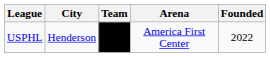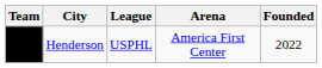 <table class="wikitable sortable" width="60%">
 <tr>
+<th>Team</th>
+<th>City</th>
 <th>League</th>
-<th>City</th>
-<th>Team</th>
 <th>Arena</th>
 <th>Founded</th>
 </tr>
 <tr align=center>
+<td style="color:white; background:#000000; "><strong><a href='#'></a></strong></td>
+<td><a href='#'>Henderson</a></td>
 <td><a href='#'>USPHL</a></td>
-<td><a href='#'>Henderson</a></td>
-<td style="color:white; background:#000000; "><strong><a href='#'></a></strong></td>
 <td><a href='#'>America First Center</a></td>
 <td>2022</td>
 </tr>
 </table>
